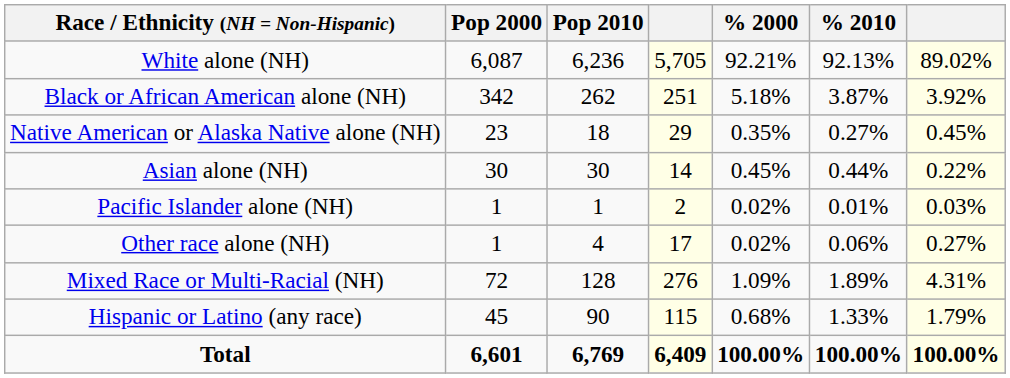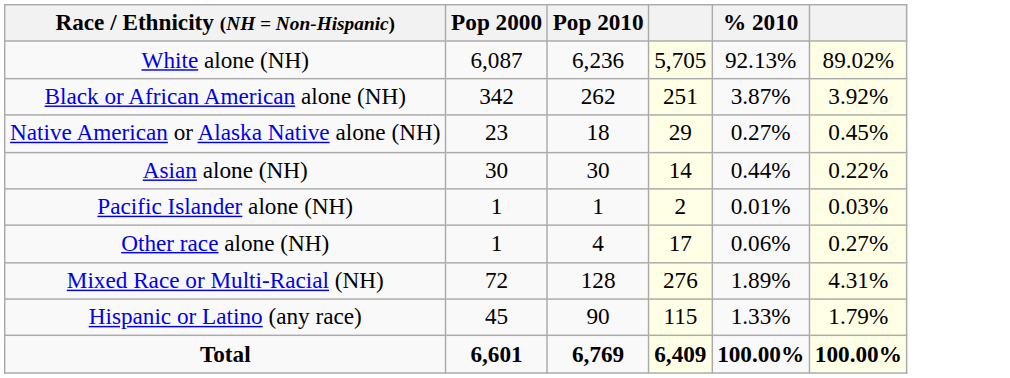 <table class="wikitable" style="text-align:center;">
 <tr>
 <th>Race / Ethnicity <small>(<em>NH = Non-Hispanic</em>)</small></th>
 <th>Pop 2000</th>
 <th>Pop 2010</th>
 <th></th>
-<th>% 2000</th>
 <th>% 2010</th>
 <th></th>
 </tr>
 <tr>
 <td><a href='#'>White</a> alone (NH)</td>
 <td>6,087</td>
 <td>6,236</td>
 <td style='background: #ffffe6;'>5,705</td>
-<td>92.21%</td>
 <td>92.13%</td>
 <td style='background: #ffffe6;'>89.02%</td>
 </tr>
 <tr>
 <td><a href='#'>Black or African American</a> alone (NH)</td>
 <td>342</td>
 <td>262</td>
 <td style='background: #ffffe6;'>251</td>
-<td>5.18%</td>
 <td>3.87%</td>
 <td style='background: #ffffe6;'>3.92%</td>
 </tr>
 <tr>
 <td><a href='#'>Native American</a> or <a href='#'>Alaska Native</a> alone (NH)</td>
 <td>23</td>
 <td>18</td>
 <td style='background: #ffffe6;'>29</td>
-<td>0.35%</td>
 <td>0.27%</td>
 <td style='background: #ffffe6;'>0.45%</td>
 </tr>
 <tr>
 <td><a href='#'>Asian</a> alone (NH)</td>
 <td>30</td>
 <td>30</td>
 <td style='background: #ffffe6;'>14</td>
-<td>0.45%</td>
 <td>0.44%</td>
 <td style='background: #ffffe6;'>0.22%</td>
 </tr>
 <tr>
 <td><a href='#'>Pacific Islander</a> alone (NH)</td>
 <td>1</td>
 <td>1</td>
 <td style='background: #ffffe6;'>2</td>
-<td>0.02%</td>
 <td>0.01%</td>
 <td style='background: #ffffe6;'>0.03%</td>
 </tr>
 <tr>
 <td><a href='#'>Other race</a> alone (NH)</td>
 <td>1</td>
 <td>4</td>
 <td style='background: #ffffe6;'>17</td>
-<td>0.02%</td>
 <td>0.06%</td>
 <td style='background: #ffffe6;'>0.27%</td>
 </tr>
 <tr>
 <td><a href='#'>Mixed Race or Multi-Racial</a> (NH)</td>
 <td>72</td>
 <td>128</td>
 <td style='background: #ffffe6;'>276</td>
-<td>1.09%</td>
 <td>1.89%</td>
 <td style='background: #ffffe6;'>4.31%</td>
 </tr>
 <tr>
 <td><a href='#'>Hispanic or Latino</a> (any race)</td>
 <td>45</td>
 <td>90</td>
 <td style='background: #ffffe6;'>115</td>
-<td>0.68%</td>
 <td>1.33%</td>
 <td style='background: #ffffe6;'>1.79%</td>
 </tr>
 <tr>
 <td><strong>Total</strong></td>
 <td><strong>6,601</strong></td>
 <td><strong>6,769</strong></td>
 <td style='background: #ffffe6;'><strong>6,409</strong></td>
 <td><strong>100.00%</strong></td>
-<td><strong>100.00%</strong></td>
 <td style='background: #ffffe6;'><strong>100.00%</strong></td>
 </tr>
 </table>
